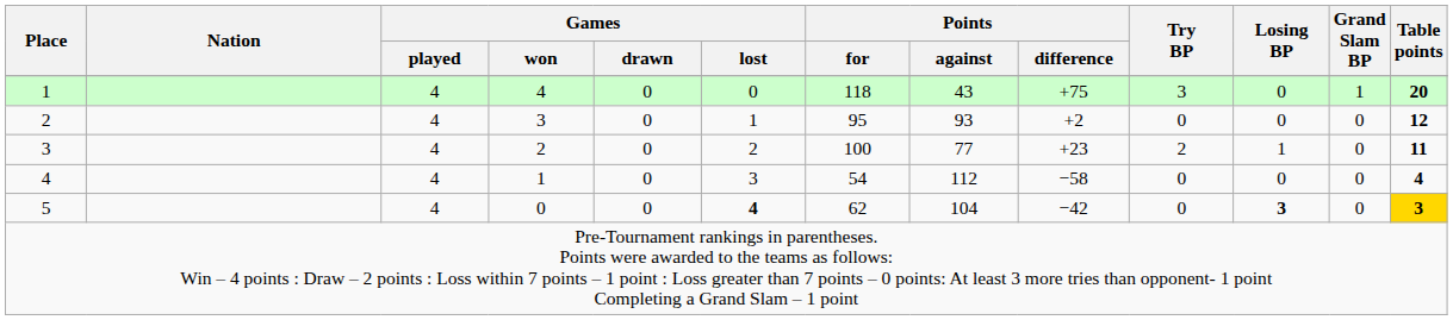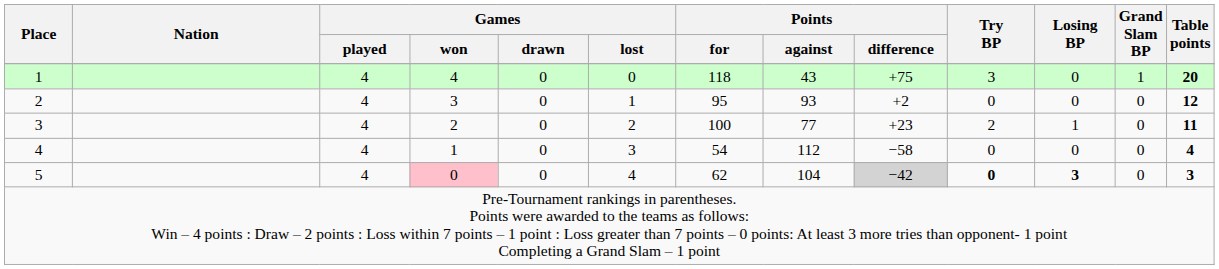 <table class="wikitable">
 <tr>
 <th rowspan=2 width="6%">Place</th>
 <th rowspan=2 width="23%">Nation</th>
 <th colspan=4 width="40%">Games</th>
 <th colspan=3 width="24%">Points</th>
 <th rowspan=2 width="8%">Try<br>BP</th>
 <th rowspan=2 width="8%">Losing<br>BP</th>
 <th rowspan=2 width="8%">Grand Slam<br>BP</th>
 <th rowspan=2 width="10%">Table<br>points</th>
 </tr>
 <tr>
 <th width="8%">played</th>
 <th width="8%">won</th>
 <th width="8%">drawn</th>
 <th width="8%">lost</th>
 <th width="8%">for</th>
 <th width="8%">against</th>
 <th width="8%">difference</th>
 </tr>
 <tr>
 </tr>
 <tr align=center style="text-align:center; background:#cfc;">
 <td>1</td>
 <td align=left></td>
 <td>4</td>
 <td>4</td>
 <td>0</td>
 <td>0</td>
 <td>118</td>
 <td>43</td>
 <td>+75</td>
 <td>3</td>
 <td>0</td>
 <td>1</td>
 <td><strong>20</strong></td>
 </tr>
 <tr align=center>
 <td>2</td>
 <td align=left></td>
 <td>4</td>
 <td>3</td>
 <td>0</td>
 <td>1</td>
 <td>95</td>
 <td>93</td>
 <td>+2</td>
 <td>0</td>
 <td>0</td>
 <td>0</td>
 <td><strong>12</strong></td>
 </tr>
 <tr align=center>
 <td>3</td>
 <td align=left></td>
 <td>4</td>
 <td>2</td>
 <td>0</td>
 <td>2</td>
 <td>100</td>
 <td>77</td>
 <td>+23</td>
 <td>2</td>
 <td>1</td>
 <td>0</td>
 <td><strong>11</strong></td>
 </tr>
 <tr align=center>
 <td>4</td>
 <td align=left></td>
 <td>4</td>
 <td>1</td>
 <td>0</td>
 <td>3</td>
 <td>54</td>
 <td>112</td>
 <td>−58</td>
 <td>0</td>
 <td>0</td>
 <td>0</td>
 <td><strong>4</strong></td>
 </tr>
 <tr align=center>
 <td>5</td>
 <td align=left></td>
 <td>4</td>
+<td style="background: pink;">0</td>
 <td>0</td>
-<td>0</td>
-<td><strong>4</strong></td>
+<td>4</td>
 <td>62</td>
 <td>104</td>
-<td>−42</td>
+<td style="background: lightgrey;">−42</td>
+<td><strong>0</strong></td>
+<td><strong>3</strong></td>
 <td>0</td>
 <td><strong>3</strong></td>
-<td>0</td>
-<td style="background: gold;"><strong>3</strong></td>
 </tr>
 <tr>
 <td style="text-align:center;" colspan="100">Pre-Tournament rankings in parentheses. <br> Points were awarded to the teams as follows:<br>Win – 4 points : Draw – 2 points  : Loss within 7 points – 1 point : Loss greater than 7 points – 0 points: At least 3 more tries than opponent- 1 point<br>Completing a Grand Slam – 1 point</td>
 </tr>
 </table>
